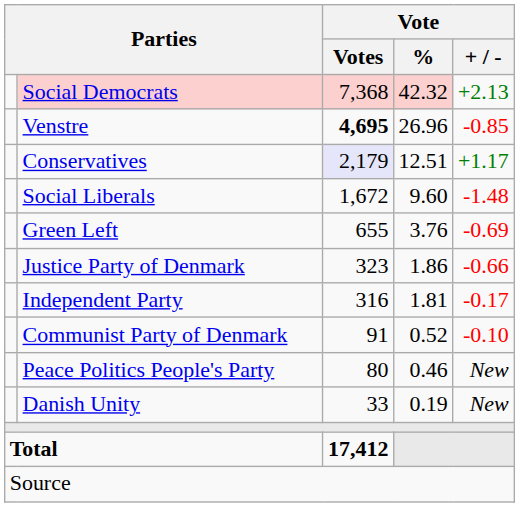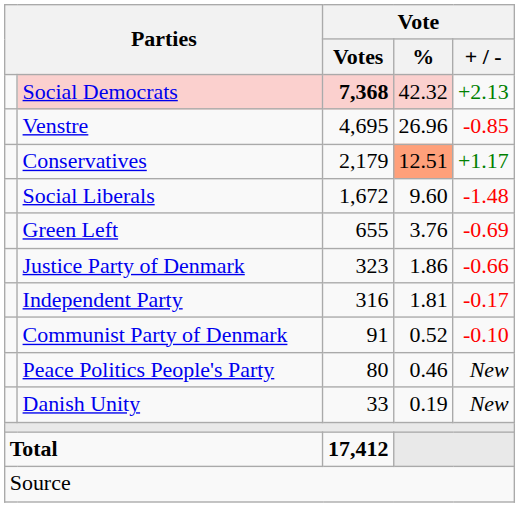 <table class="wikitable" style="text-align:right;">
 <tr>
 <th style="text-align:centre;" rowspan="2" colspan="2" width="225">Parties</th>
 <th colspan="3">Vote</th>
 </tr>
 <tr>
 <th width="15">Votes</th>
 <th width="15">%</th>
 <th width="15">+ / -</th>
 </tr>
 <tr>
 <td width="2" style="color:inherit;background:"></td>
 <td bgcolor=#fbd0ce  align="left"><a href='#'>Social Democrats</a></td>
-<td bgcolor=#fbd0ce>7,368</td>
+<td bgcolor=#fbd0ce><strong>7,368</strong></td>
 <td bgcolor=#fbd0ce>42.32</td>
 <td style=color:green;>+2.13</td>
 </tr>
 <tr>
 <td width="2" style="color:inherit;background:"></td>
 <td align="left"><a href='#'>Venstre</a></td>
-<td><strong>4,695</strong></td>
+<td>4,695</td>
 <td>26.96</td>
 <td style=color:red;>-0.85</td>
 </tr>
 <tr>
 <td width="2" style="color:inherit;background:"></td>
 <td align="left"><a href='#'>Conservatives</a></td>
-<td style="background: lavender;">2,179</td>
-<td>12.51</td>
+<td>2,179</td>
+<td style="background: lightsalmon;">12.51</td>
 <td style=color:green;>+1.17</td>
 </tr>
 <tr>
 <td width="2" style="color:inherit;background:"></td>
 <td align="left"><a href='#'>Social Liberals</a></td>
 <td>1,672</td>
 <td>9.60</td>
 <td style=color:red;>-1.48</td>
 </tr>
 <tr>
 <td width="2" style="color:inherit;background:"></td>
 <td align="left"><a href='#'>Green Left</a></td>
 <td>655</td>
 <td>3.76</td>
 <td style=color:red;>-0.69</td>
 </tr>
 <tr>
 <td width="2" style="color:inherit;background:"></td>
 <td align="left"><a href='#'>Justice Party of Denmark</a></td>
 <td>323</td>
 <td>1.86</td>
 <td style=color:red;>-0.66</td>
 </tr>
 <tr>
 <td width="2" style="color:inherit;background:"></td>
 <td align="left"><a href='#'>Independent Party</a></td>
 <td>316</td>
 <td>1.81</td>
 <td style=color:red;>-0.17</td>
 </tr>
 <tr>
 <td width="2" style="color:inherit;background:"></td>
 <td align="left"><a href='#'>Communist Party of Denmark</a></td>
 <td>91</td>
 <td>0.52</td>
 <td style=color:red;>-0.10</td>
 </tr>
 <tr>
 <td width="2" style="color:inherit;background:"></td>
 <td align="left"><a href='#'>Peace Politics People's Party</a></td>
 <td>80</td>
 <td>0.46</td>
 <td><em>New</em></td>
 </tr>
 <tr>
 <td width="2" style="color:inherit;background:"></td>
 <td align="left"><a href='#'>Danish Unity</a></td>
 <td>33</td>
 <td>0.19</td>
 <td><em>New</em></td>
 </tr>
 <tr>
 <td colspan="7" bgcolor="#E9E9E9"></td>
 </tr>
 <tr>
 <td align="left" colspan="2"><strong>Total</strong></td>
 <td><strong>17,412</strong></td>
 <td bgcolor="#E9E9E9" colspan="2"></td>
 </tr>
 <tr>
 <td align="left" colspan="6">Source</td>
 </tr>
 </table>
